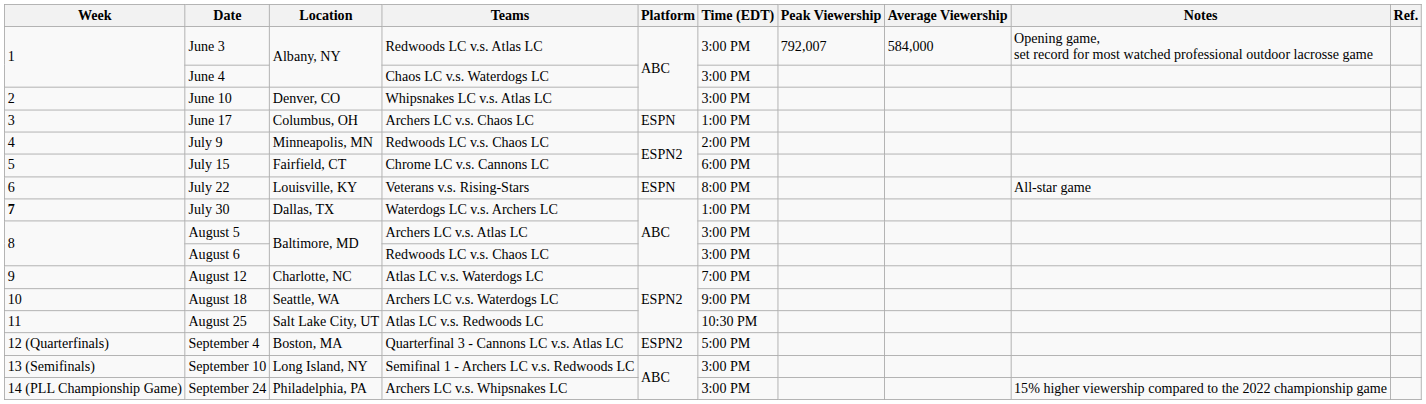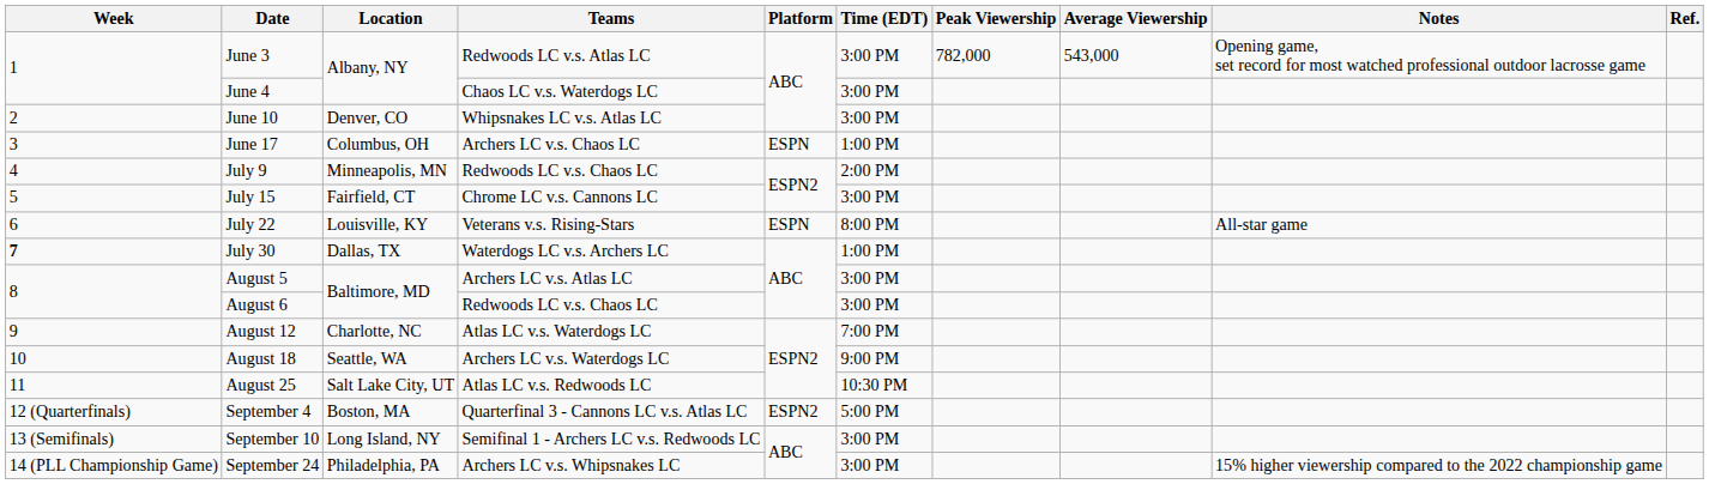 <table class="wikitable">
 <tr>
 <th>Week</th>
 <th>Date</th>
 <th>Location</th>
 <th>Teams</th>
 <th>Platform</th>
 <th>Time (EDT)</th>
 <th>Peak Viewership</th>
 <th>Average Viewership</th>
 <th>Notes</th>
 <th>Ref.</th>
 </tr>
 <tr>
 <td rowspan="2">1</td>
 <td>June 3</td>
 <td rowspan="2">Albany, NY</td>
 <td>Redwoods LC v.s. Atlas LC</td>
 <td rowspan="3">ABC</td>
 <td>3:00 PM</td>
-<td>792,007</td>
-<td>584,000</td>
+<td>782,000</td>
+<td>543,000</td>
 <td>Opening game,<br>set record for most  watched professional outdoor lacrosse game</td>
 <td></td>
 </tr>
 <tr>
 <td>June 4</td>
 <td>Chaos LC v.s. Waterdogs LC</td>
 <td>3:00 PM</td>
 <td></td>
 <td></td>
 <td></td>
 <td></td>
 </tr>
 <tr>
 <td>2</td>
 <td>June 10</td>
 <td>Denver, CO</td>
 <td>Whipsnakes LC v.s. Atlas LC</td>
 <td>3:00 PM</td>
 <td></td>
 <td></td>
 <td></td>
 <td></td>
 </tr>
 <tr>
 <td>3</td>
 <td>June 17</td>
 <td>Columbus, OH</td>
 <td>Archers LC v.s. Chaos LC</td>
 <td>ESPN</td>
 <td>1:00 PM</td>
 <td></td>
 <td></td>
 <td></td>
 <td></td>
 </tr>
 <tr>
 <td>4</td>
 <td>July 9</td>
 <td>Minneapolis, MN</td>
 <td>Redwoods LC v.s. Chaos LC</td>
 <td rowspan="2">ESPN2</td>
 <td>2:00 PM</td>
 <td></td>
 <td></td>
 <td></td>
 <td></td>
 </tr>
 <tr>
 <td>5</td>
 <td>July 15</td>
 <td>Fairfield, CT</td>
 <td>Chrome LC v.s. Cannons LC</td>
-<td>6:00 PM</td>
+<td>3:00 PM</td>
 <td></td>
 <td></td>
 <td></td>
 <td></td>
 </tr>
 <tr>
 <td>6</td>
 <td>July 22</td>
 <td>Louisville, KY</td>
 <td>Veterans v.s. Rising-Stars</td>
 <td>ESPN</td>
 <td>8:00 PM</td>
 <td></td>
 <td></td>
 <td>All-star game</td>
 <td></td>
 </tr>
 <tr>
 <td><strong>7</strong></td>
 <td>July 30</td>
 <td>Dallas, TX</td>
 <td>Waterdogs LC v.s. Archers LC</td>
 <td rowspan="3">ABC</td>
 <td>1:00 PM</td>
 <td></td>
 <td></td>
 <td></td>
 <td></td>
 </tr>
 <tr>
 <td rowspan="2">8</td>
 <td>August 5</td>
 <td rowspan="2">Baltimore, MD</td>
 <td>Archers LC v.s. Atlas LC</td>
 <td>3:00 PM</td>
 <td></td>
 <td></td>
 <td></td>
 <td></td>
 </tr>
 <tr>
 <td>August 6</td>
 <td>Redwoods LC v.s. Chaos LC</td>
 <td>3:00 PM</td>
 <td></td>
 <td></td>
 <td></td>
 <td></td>
 </tr>
 <tr>
 <td>9</td>
 <td>August 12</td>
 <td>Charlotte, NC</td>
 <td>Atlas LC v.s. Waterdogs LC</td>
 <td rowspan="3">ESPN2</td>
 <td>7:00 PM</td>
 <td></td>
 <td></td>
 <td></td>
 <td></td>
 </tr>
 <tr>
 <td>10</td>
 <td>August 18</td>
 <td>Seattle, WA</td>
 <td>Archers LC v.s. Waterdogs LC</td>
 <td>9:00 PM</td>
 <td></td>
 <td></td>
 <td></td>
 <td></td>
 </tr>
 <tr>
 <td>11</td>
 <td>August 25</td>
 <td>Salt Lake City, UT</td>
 <td>Atlas LC v.s. Redwoods LC</td>
 <td>10:30 PM</td>
 <td></td>
 <td></td>
 <td></td>
 <td></td>
 </tr>
 <tr>
 <td>12 (Quarterfinals)</td>
 <td>September 4</td>
 <td>Boston, MA</td>
 <td>Quarterfinal 3 - Cannons LC v.s. Atlas LC</td>
 <td>ESPN2</td>
 <td>5:00 PM</td>
 <td></td>
 <td></td>
 <td></td>
 <td></td>
 </tr>
 <tr>
 <td>13 (Semifinals)</td>
 <td>September 10</td>
 <td>Long Island, NY</td>
 <td>Semifinal 1 - Archers LC v.s. Redwoods LC</td>
 <td rowspan="2">ABC</td>
 <td>3:00 PM</td>
 <td></td>
 <td></td>
 <td></td>
 <td></td>
 </tr>
 <tr>
 <td>14 (PLL Championship Game)</td>
 <td>September 24</td>
 <td>Philadelphia, PA</td>
 <td>Archers LC v.s. Whipsnakes LC</td>
 <td>3:00 PM</td>
 <td></td>
 <td></td>
 <td>15% higher viewership compared to the 2022 championship game</td>
 <td></td>
 </tr>
 </table>
